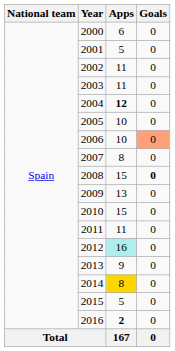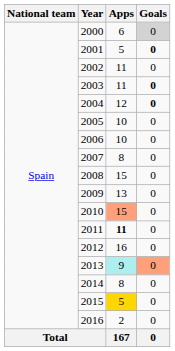 <table class="wikitable" style="text-align:center">
 <tr>
 <th>National team</th>
 <th>Year</th>
 <th>Apps</th>
 <th>Goals</th>
 </tr>
 <tr>
 <td rowspan="17"><a href='#'>Spain</a></td>
 <td>2000</td>
 <td>6</td>
-<td>0</td>
+<td style="background: lightgrey;">0</td>
 </tr>
 <tr>
 <td>2001</td>
 <td>5</td>
-<td>0</td>
+<td><strong>0</strong></td>
 </tr>
 <tr>
 <td>2002</td>
 <td>11</td>
 <td>0</td>
 </tr>
 <tr>
 <td>2003</td>
 <td>11</td>
-<td>0</td>
+<td><strong>0</strong></td>
 </tr>
 <tr>
 <td>2004</td>
-<td><strong>12</strong></td>
-<td>0</td>
+<td>12</td>
+<td><strong>0</strong></td>
 </tr>
 <tr>
 <td>2005</td>
 <td>10</td>
 <td>0</td>
 </tr>
 <tr>
 <td>2006</td>
 <td>10</td>
-<td style="background: lightsalmon;">0</td>
+<td>0</td>
 </tr>
 <tr>
 <td>2007</td>
 <td>8</td>
 <td>0</td>
 </tr>
 <tr>
 <td>2008</td>
 <td>15</td>
-<td><strong>0</strong></td>
+<td>0</td>
 </tr>
 <tr>
 <td>2009</td>
 <td>13</td>
 <td>0</td>
 </tr>
 <tr>
 <td>2010</td>
-<td>15</td>
+<td style="background: lightsalmon;">15</td>
 <td>0</td>
 </tr>
 <tr>
 <td>2011</td>
-<td>11</td>
+<td><strong>11</strong></td>
 <td>0</td>
 </tr>
 <tr>
 <td>2012</td>
-<td style="background: paleturquoise;">16</td>
+<td>16</td>
 <td>0</td>
 </tr>
 <tr>
 <td>2013</td>
-<td>9</td>
-<td>0</td>
+<td style="background: paleturquoise;">9</td>
+<td style="background: lightsalmon;">0</td>
 </tr>
 <tr>
 <td>2014</td>
-<td style="background: gold;">8</td>
+<td>8</td>
 <td>0</td>
 </tr>
 <tr>
 <td>2015</td>
-<td>5</td>
+<td style="background: gold;">5</td>
 <td>0</td>
 </tr>
 <tr>
 <td>2016</td>
-<td><strong>2</strong></td>
+<td>2</td>
 <td>0</td>
 </tr>
 <tr>
 <th colspan="2">Total</th>
 <th>167</th>
 <th>0</th>
 </tr>
 </table>
